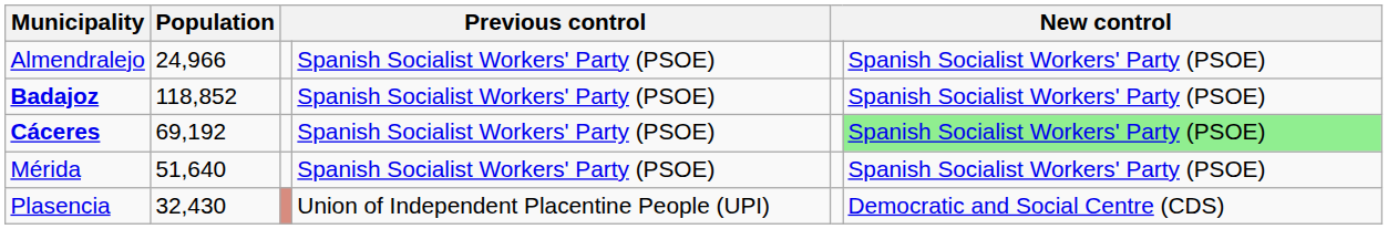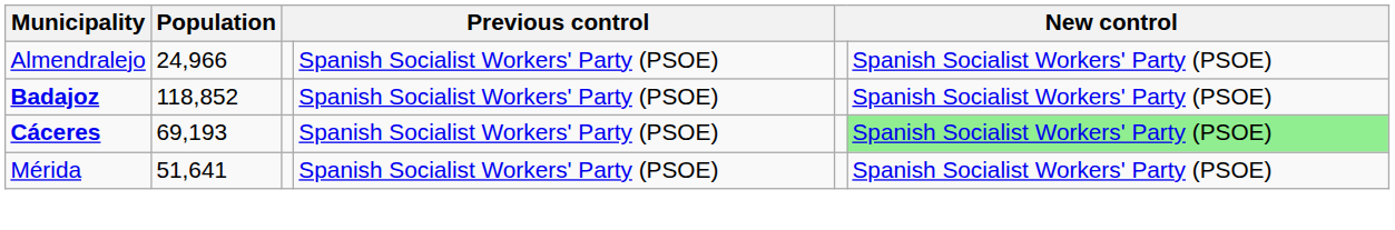 <table class="wikitable sortable">
 <tr>
 <th>Municipality</th>
 <th>Population</th>
 <th colspan="2" style="width:375px;">Previous control</th>
 <th colspan="2" style="width:375px;">New control</th>
 </tr>
 <tr>
 <td><a href='#'>Almendralejo</a></td>
 <td>24,966</td>
 <td width="1" style="color:inherit;background:"></td>
 <td><a href='#'>Spanish Socialist Workers' Party</a> (PSOE)</td>
 <td width="1" style="color:inherit;background:"></td>
 <td><a href='#'>Spanish Socialist Workers' Party</a> (PSOE)</td>
 </tr>
 <tr>
 <td><strong><a href='#'>Badajoz</a></strong></td>
 <td>118,852</td>
 <td style="color:inherit;background:"></td>
 <td><a href='#'>Spanish Socialist Workers' Party</a> (PSOE)</td>
 <td style="color:inherit;background:"></td>
 <td><a href='#'>Spanish Socialist Workers' Party</a> (PSOE)</td>
 </tr>
 <tr>
 <td><strong><a href='#'>Cáceres</a></strong></td>
-<td>69,192</td>
+<td>69,193</td>
 <td style="color:inherit;background:"></td>
 <td><a href='#'>Spanish Socialist Workers' Party</a> (PSOE)</td>
 <td style="color:inherit;background:"></td>
 <td style="background: lightgreen;"><a href='#'>Spanish Socialist Workers' Party</a> (PSOE)</td>
 </tr>
 <tr>
 <td><a href='#'>Mérida</a></td>
-<td>51,640</td>
+<td>51,641</td>
 <td style="color:inherit;background:"></td>
 <td><a href='#'>Spanish Socialist Workers' Party</a> (PSOE)</td>
 <td style="color:inherit;background:"></td>
 <td><a href='#'>Spanish Socialist Workers' Party</a> (PSOE)</td>
 </tr>
-<tr>
-<td><a href='#'>Plasencia</a></td>
-<td>32,430</td>
-<td bgcolor="#D78C7F"></td>
-<td>Union of Independent Placentine People (UPI)</td>
-<td style="color:inherit;background:"></td>
-<td><a href='#'>Democratic and Social Centre</a> (CDS)</td>
-</tr>
 </table>
